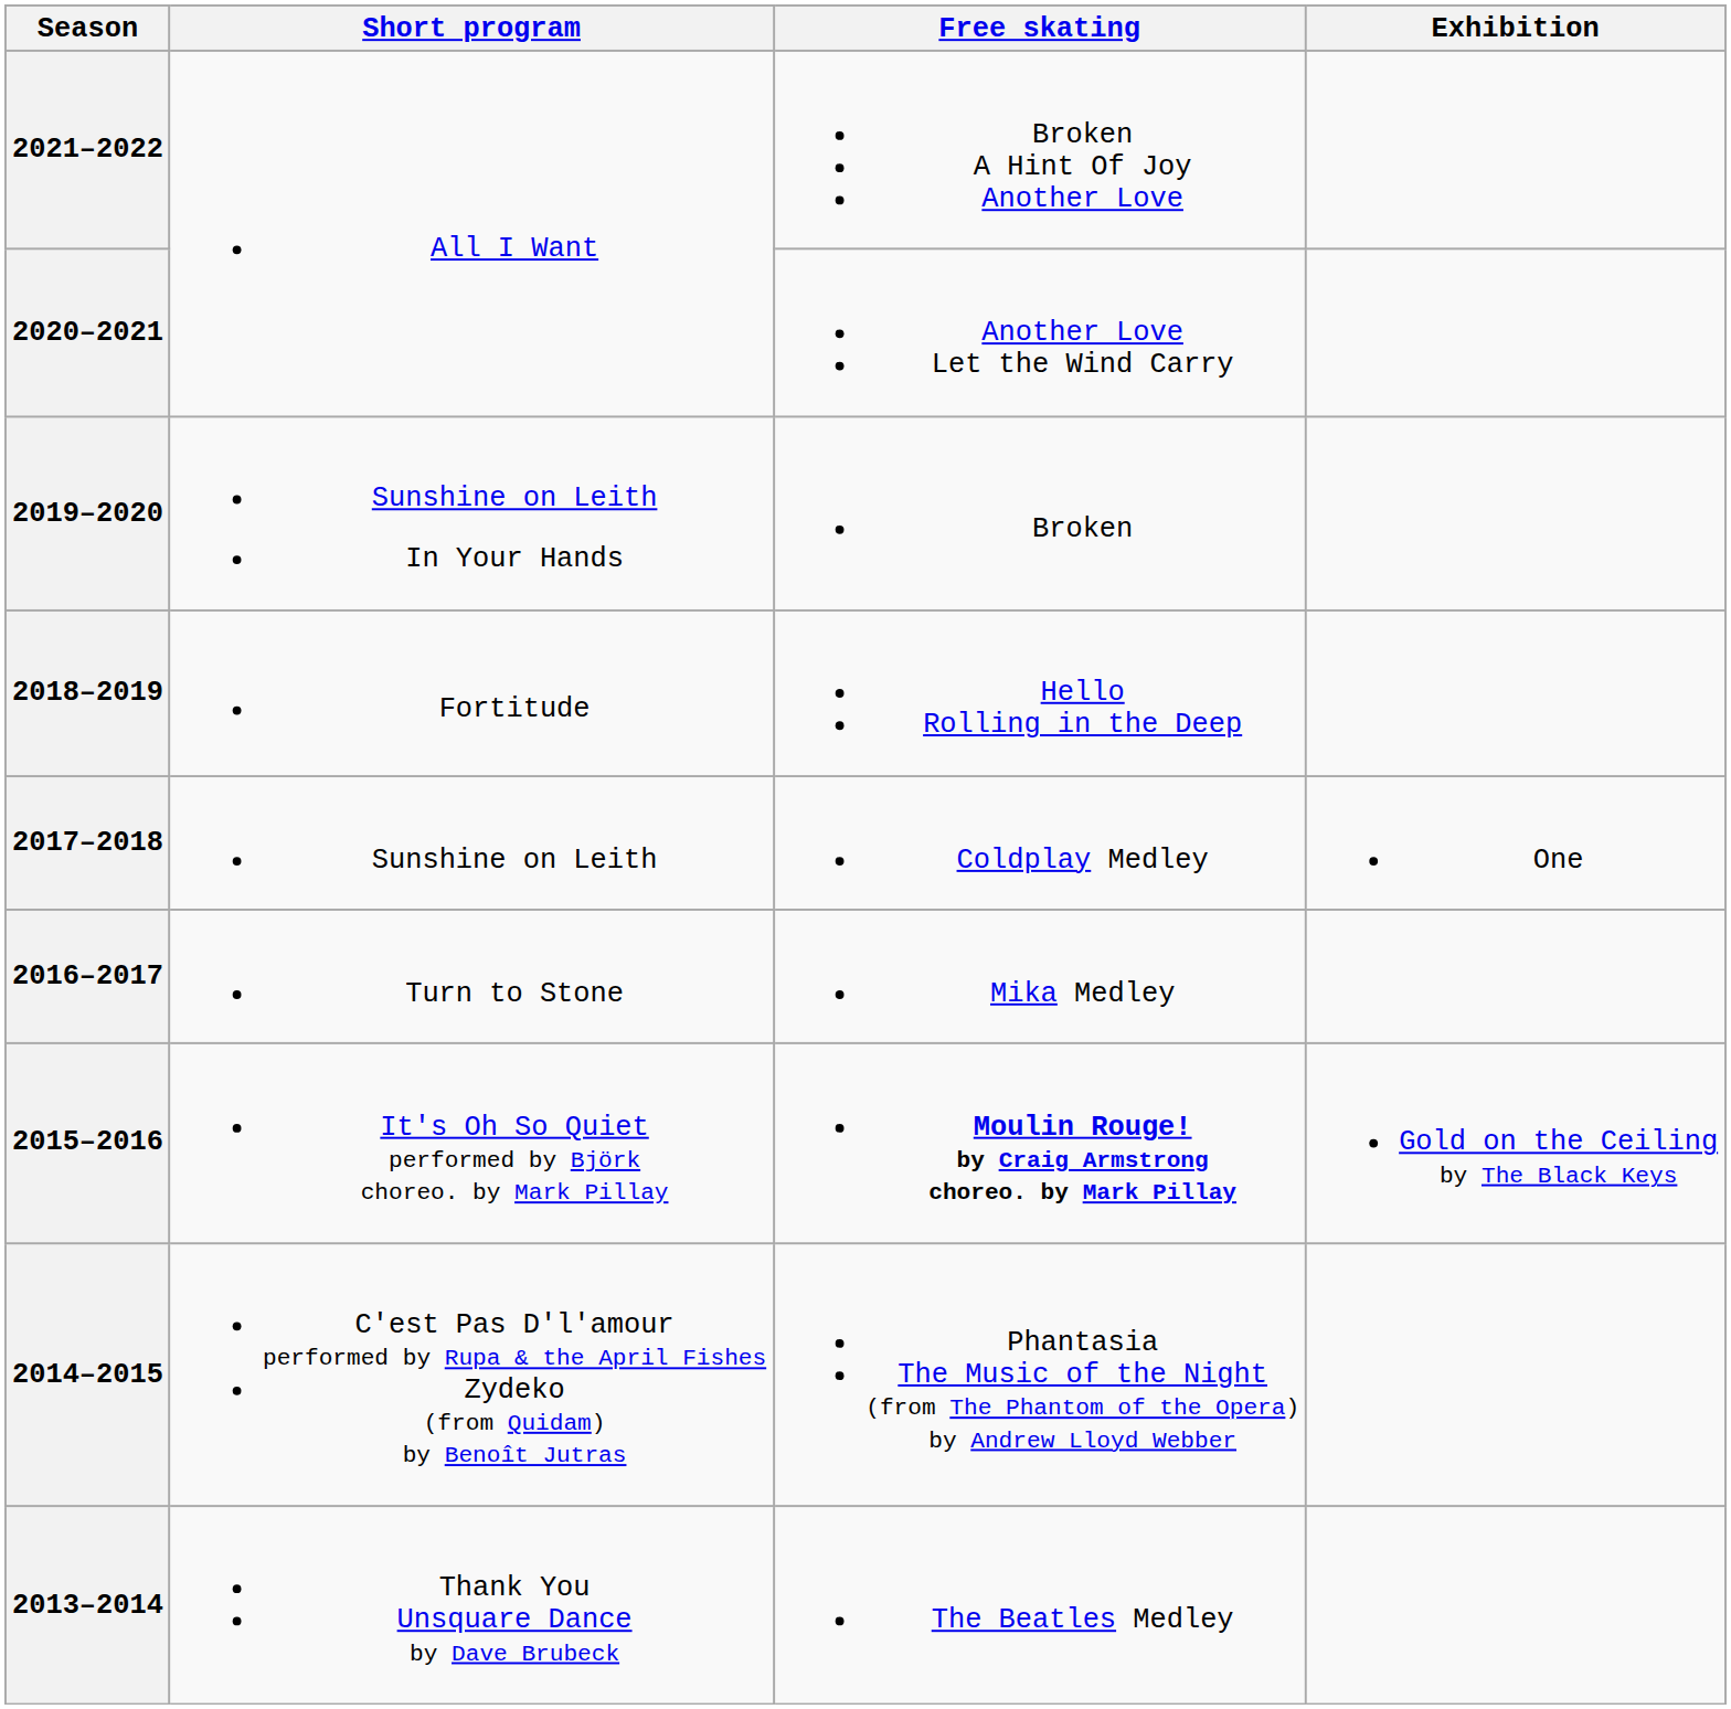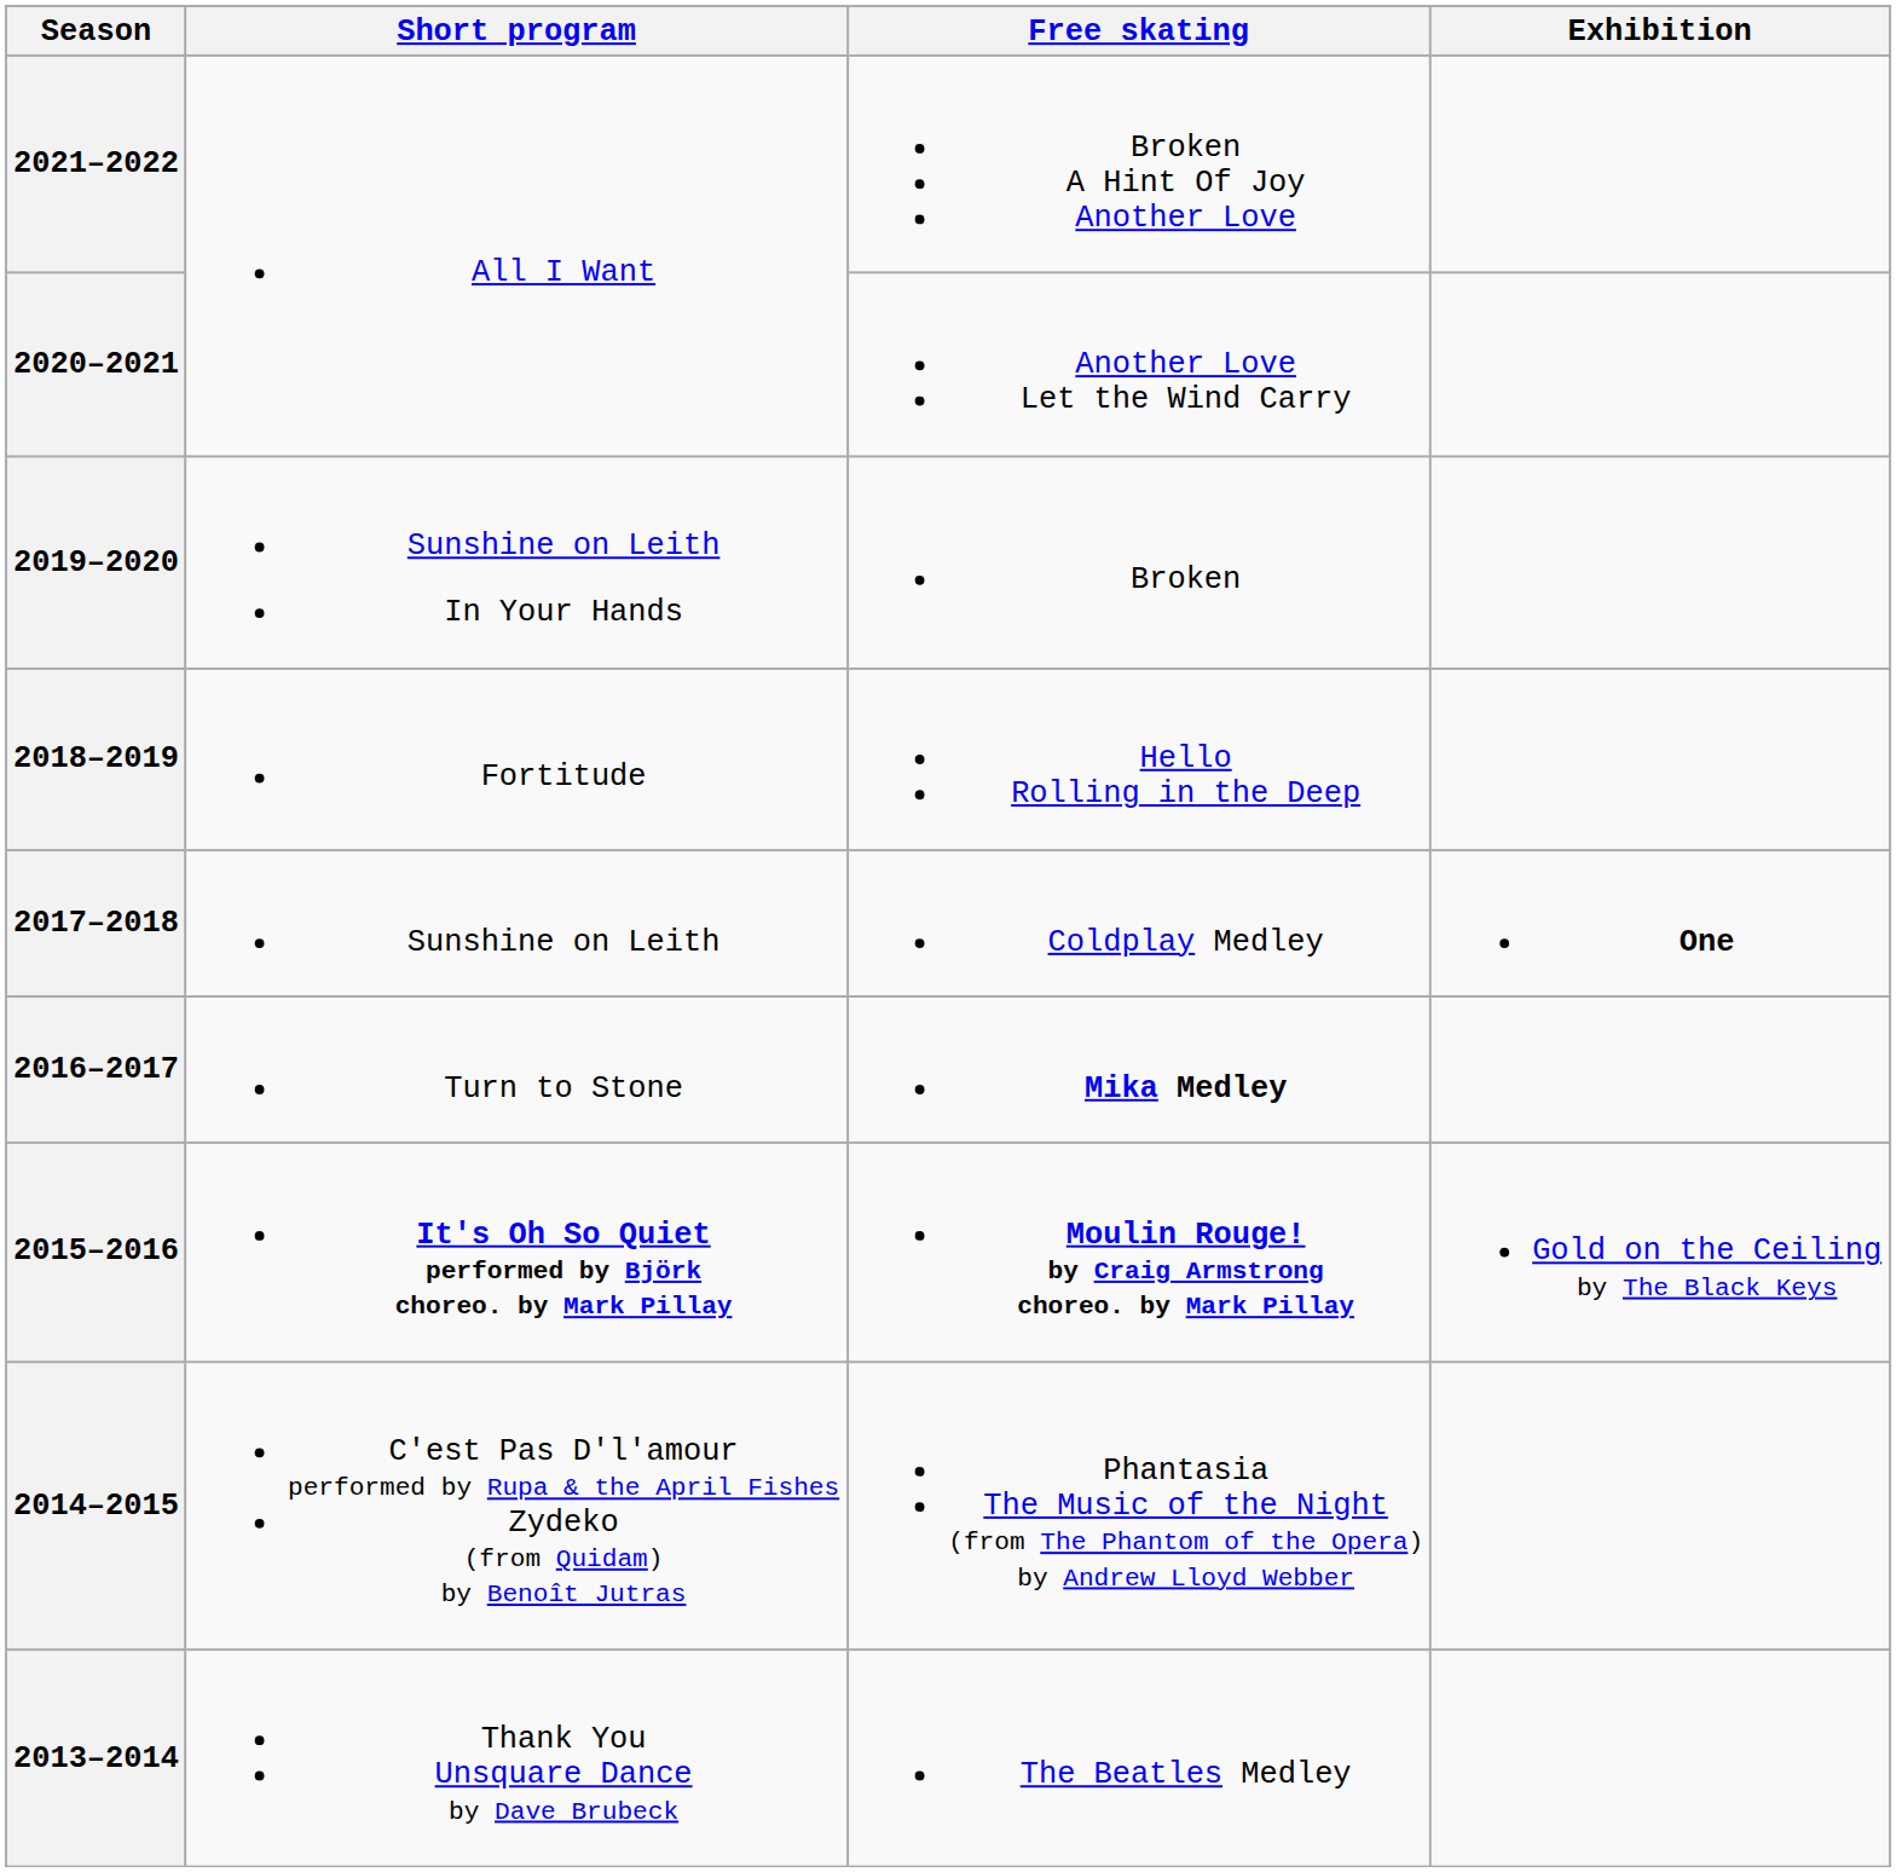 <table class=wikitable style=text-align:center>
 <tr>
 <th>Season</th>
 <th><a href='#'>Short program</a></th>
 <th><a href='#'>Free skating</a></th>
 <th>Exhibition</th>
 </tr>
 <tr>
 <th>2021–2022</th>
 <td rowspan=2><br><ul><li><a href='#'>All I Want</a> <br> </li></ul></td>
 <td><br><ul><li>Broken <br> </li><li>A Hint Of Joy <br></li><li><a href='#'>Another Love</a> <br></li></ul></td>
 <td></td>
 </tr>
 <tr>
 <th>2020–2021</th>
 <td><br><ul><li><a href='#'>Another Love</a> <br></li><li>Let the Wind Carry <br></li></ul></td>
 <td></td>
 </tr>
 <tr>
 <th>2019–2020 <br></th>
 <td><br><ul><li><a href='#'>Sunshine on Leith</a></li></ul><ul><li>In Your Hands <br> </li></ul></td>
 <td><br><ul><li>Broken <br> </li></ul></td>
 <td></td>
 </tr>
 <tr>
 <th>2018–2019 <br></th>
 <td><br><ul><li>Fortitude <br> </li></ul></td>
 <td><br><ul><li><a href='#'>Hello</a> <br> </li><li><a href='#'>Rolling in the Deep</a> <br> </li></ul></td>
 <td></td>
 </tr>
 <tr>
 <th>2017–2018 <br></th>
 <td><br><ul><li>Sunshine on Leith</li></ul></td>
 <td><br><ul><li><a href='#'>Coldplay</a> Medley</li></ul></td>
-<td><br><ul><li>One <br></li></ul></td>
+<td><strong><br><ul><li>One <br></li></ul></strong></td>
 </tr>
 <tr>
 <th>2016–2017 <br></th>
 <td><br><ul><li>Turn to Stone <br></li></ul></td>
-<td><br><ul><li><a href='#'>Mika</a> Medley</li></ul></td>
+<td><strong><br><ul><li><a href='#'>Mika</a> Medley</li></ul></strong></td>
 <td></td>
 </tr>
 <tr>
 <th>2015–2016 <br></th>
-<td><br><ul><li><a href='#'>It's Oh So Quiet</a> <br><small> performed by <a href='#'>Björk</a> <br> choreo. by <a href='#'>Mark Pillay</a> </small></li></ul></td>
+<td><strong><br><ul><li><a href='#'>It's Oh So Quiet</a> <br><small> performed by <a href='#'>Björk</a> <br> choreo. by <a href='#'>Mark Pillay</a> </small></li></ul></strong></td>
 <td><strong><br><ul><li><a href='#'>Moulin Rouge!</a> <br><small> by <a href='#'>Craig Armstrong</a> <br> choreo. by <a href='#'>Mark Pillay</a> </small></li></ul></strong></td>
 <td><br><ul><li><a href='#'>Gold on the Ceiling</a> <br><small> by <a href='#'>The Black Keys</a> </small></li></ul></td>
 </tr>
 <tr>
 <th>2014–2015 <br></th>
 <td><br><ul><li>C'est Pas D'l'amour <br><small> performed by <a href='#'>Rupa & the April Fishes</a> </small></li><li>Zydeko <br><small> (from <a href='#'>Quidam</a>) <br> by <a href='#'>Benoît Jutras</a> </small></li></ul></td>
 <td><br><ul><li>Phantasia</li><li><a href='#'>The Music of the Night</a> <br><small> (from <a href='#'>The Phantom of the Opera</a>) <br> by <a href='#'>Andrew Lloyd Webber</a> </small></li></ul></td>
 <td></td>
 </tr>
 <tr>
 <th>2013–2014 <br> </th>
 <td><br><ul><li>Thank You</li><li><a href='#'>Unsquare Dance</a> <br><small> by <a href='#'>Dave Brubeck</a> </small></li></ul></td>
 <td><br><ul><li><a href='#'>The Beatles</a> Medley</li></ul></td>
 <td></td>
 </tr>
 </table>
